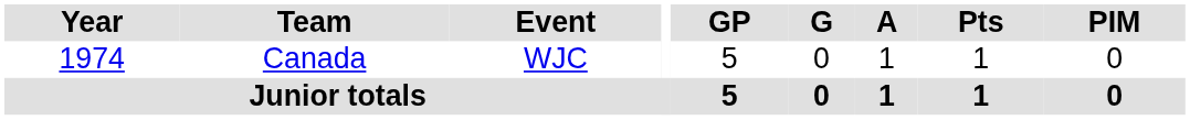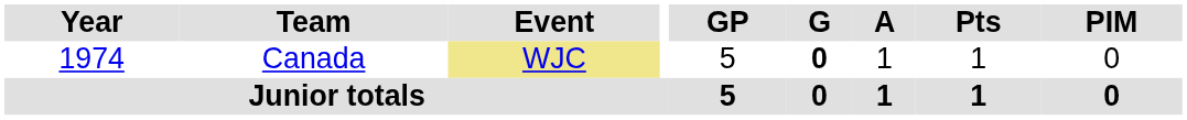 <table border="0" cellpadding="1" cellspacing="0" ID="Table3" style="text-align:center; width:40em">
 <tr bgcolor="#e0e0e0">
 <th>Year</th>
 <th>Team</th>
 <th>Event</th>
 <th rowspan="102" bgcolor="#ffffff"></th>
 <th>GP</th>
 <th>G</th>
 <th>A</th>
 <th>Pts</th>
 <th>PIM</th>
 </tr>
 <tr>
 <td><a href='#'>1974</a></td>
 <td><a href='#'>Canada</a></td>
-<td><a href='#'>WJC</a></td>
+<td style="background: khaki;"><a href='#'>WJC</a></td>
 <td>5</td>
-<td>0</td>
+<td><strong>0</strong></td>
 <td>1</td>
 <td>1</td>
 <td>0</td>
 </tr>
 <tr bgcolor="#e0e0e0">
 <th colspan="4">Junior totals</th>
 <th>5</th>
 <th>0</th>
 <th>1</th>
 <th>1</th>
 <th>0</th>
 </tr>
 </table>
